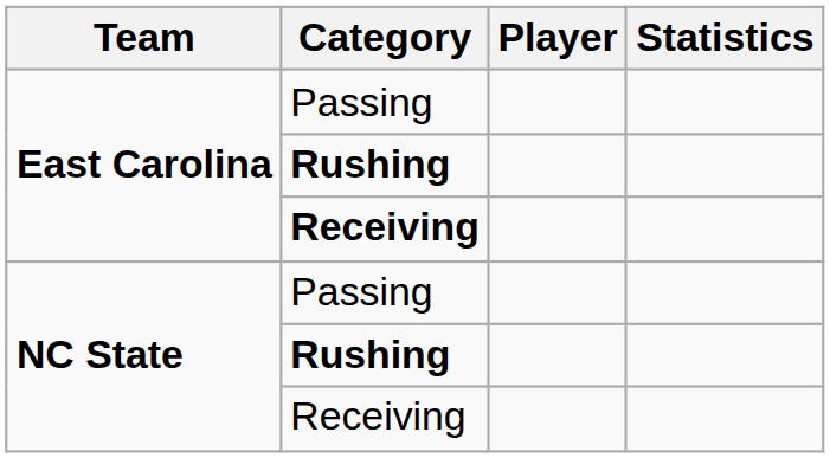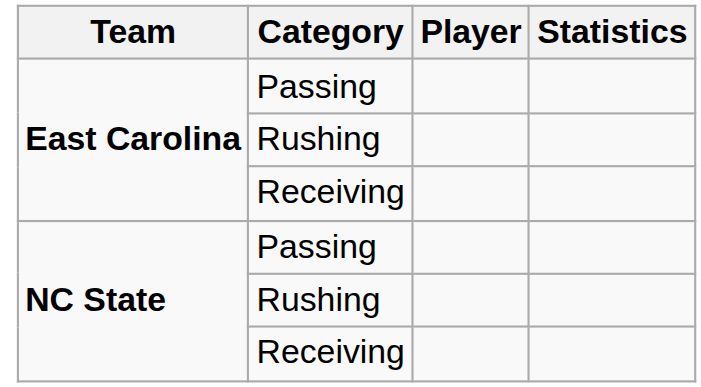 <table class="wikitable" style="float: right;">
 <tr>
 <th>Team</th>
 <th>Category</th>
 <th>Player</th>
 <th>Statistics</th>
 </tr>
 <tr>
 <td rowspan=3><strong>East Carolina</strong></td>
 <td>Passing</td>
 <td></td>
 <td></td>
 </tr>
 <tr>
-<td><strong>Rushing</strong></td>
+<td>Rushing</td>
 <td></td>
 <td></td>
 </tr>
 <tr>
-<td><strong>Receiving</strong></td>
+<td>Receiving</td>
 <td></td>
 <td></td>
 </tr>
 <tr>
 <td rowspan=3><strong>NC State</strong></td>
 <td>Passing</td>
 <td></td>
 <td></td>
 </tr>
 <tr>
-<td><strong>Rushing</strong></td>
+<td>Rushing</td>
 <td></td>
 <td></td>
 </tr>
 <tr>
 <td>Receiving</td>
 <td></td>
 <td></td>
 </tr>
 </table>
